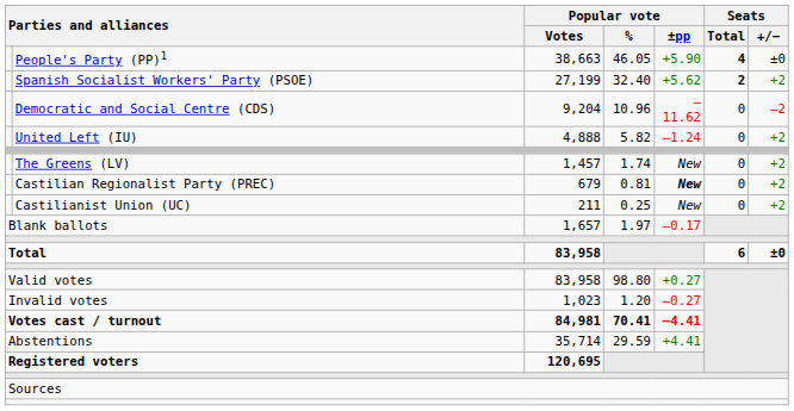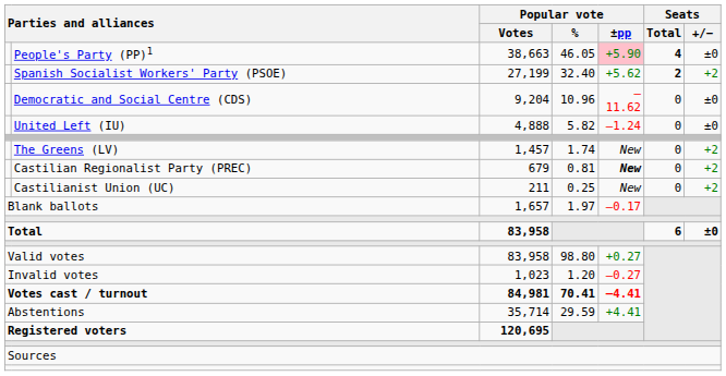 <table class="wikitable" style="text-align:right;">
 <tr>
 <th style="text-align:left;" rowspan="2" colspan="2" width="525">Parties and alliances</th>
 <th colspan="3">Popular vote</th>
 <th colspan="2">Seats</th>
 </tr>
 <tr>
 <th width="75">Votes</th>
 <th width="45">%</th>
 <th width="45">±<a href='#'>pp</a></th>
 <th width="35">Total</th>
 <th width="35">+/−</th>
 </tr>
 <tr>
 <td width="1" style="color:inherit;background:"></td>
 <td align="left"><a href='#'>People's Party</a> (PP)<sup>1</sup></td>
 <td>38,663</td>
 <td>46.05</td>
-<td style="color:green;">+5.90</td>
+<td style="background: pink; color:green;">+5.90</td>
 <td><strong>4</strong></td>
 <td>±0</td>
 </tr>
 <tr>
 <td style="color:inherit;background:"></td>
 <td align="left"><a href='#'>Spanish Socialist Workers' Party</a> (PSOE)</td>
 <td>27,199</td>
 <td>32.40</td>
 <td style="color:green;">+5.62</td>
 <td><strong>2</strong></td>
 <td style="color:green;">+2</td>
 </tr>
 <tr>
 <td style="color:inherit;background:"></td>
 <td align="left"><a href='#'>Democratic and Social Centre</a> (CDS)</td>
 <td>9,204</td>
 <td>10.96</td>
 <td style="color:red;">–11.62</td>
 <td>0</td>
-<td style="color:red;">–2</td>
+<td>±0</td>
 </tr>
 <tr>
 <td style="color:inherit;background:"></td>
 <td align="left"><a href='#'>United Left</a> (IU)</td>
 <td>4,888</td>
 <td>5.82</td>
 <td style="color:red;">–1.24</td>
 <td>0</td>
-<td style="color:green;">+2</td>
+<td>±0</td>
 </tr>
 <tr>
 <td colspan="7" bgcolor="#C0C0C0"></td>
 </tr>
 <tr>
 <td style="color:inherit;background:"></td>
 <td align="left"><a href='#'>The Greens</a> (LV)</td>
 <td>1,457</td>
 <td>1.74</td>
 <td><em>New</em></td>
 <td>0</td>
 <td style="color:green;">+2</td>
 </tr>
 <tr>
 <td style="color:inherit;background:"></td>
 <td align="left">Castilian Regionalist Party (PREC)</td>
 <td>679</td>
 <td>0.81</td>
 <td><strong><em>New</em></strong></td>
 <td>0</td>
 <td style="color:green;">+2</td>
 </tr>
 <tr>
 <td style="color:inherit;background:"></td>
 <td align="left">Castilianist Union (UC)</td>
 <td>211</td>
 <td>0.25</td>
 <td><em>New</em></td>
 <td>0</td>
 <td style="color:green;">+2</td>
 </tr>
 <tr>
 <td align="left" colspan="2">Blank ballots</td>
 <td>1,657</td>
 <td>1.97</td>
 <td style="color:red;">–0.17</td>
 <td bgcolor="#E9E9E9" colspan="2"></td>
 </tr>
 <tr>
 <td colspan="7" bgcolor="#E9E9E9"></td>
 </tr>
 <tr style="font-weight:bold;">
 <td align="left" colspan="2">Total</td>
 <td>83,958</td>
 <td bgcolor="#E9E9E9" colspan="2"></td>
 <td>6</td>
 <td>±0</td>
 </tr>
 <tr>
 <td colspan="7" bgcolor="#E9E9E9"></td>
 </tr>
 <tr>
 <td align="left" colspan="2">Valid votes</td>
 <td>83,958</td>
 <td>98.80</td>
 <td style="color:green;">+0.27</td>
 <td bgcolor="#E9E9E9" colspan="2" rowspan="5"></td>
 </tr>
 <tr>
 <td align="left" colspan="2">Invalid votes</td>
 <td>1,023</td>
 <td>1.20</td>
 <td style="color:red;">–0.27</td>
 </tr>
 <tr style="font-weight:bold;">
 <td align="left" colspan="2">Votes cast / turnout</td>
 <td>84,981</td>
 <td>70.41</td>
 <td style="color:red;">–4.41</td>
 </tr>
 <tr>
 <td align="left" colspan="2">Abstentions</td>
 <td>35,714</td>
 <td>29.59</td>
 <td style="color:green;">+4.41</td>
 </tr>
 <tr style="font-weight:bold;">
 <td align="left" colspan="2">Registered voters</td>
 <td>120,695</td>
 <td bgcolor="#E9E9E9" colspan="2"></td>
 </tr>
 <tr>
 <td colspan="7" bgcolor="#E9E9E9"></td>
 </tr>
 <tr>
 <td align="left" colspan="7">Sources</td>
 </tr>
 <tr>
 <td colspan="7" style="text-align:left; max-width:790px;"></td>
 </tr>
 </table>
